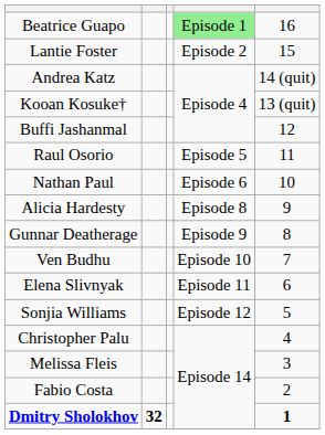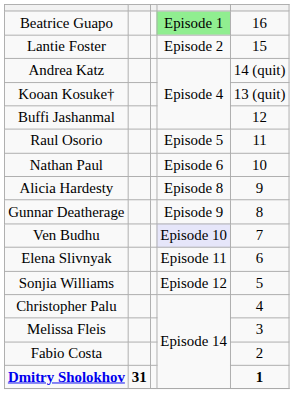 <table class="wikitable sortable" style="text-align:center;">
 <tr>
 <th></th>
 <th></th>
 <th></th>
 <th></th>
 <th></th>
 </tr>
 <tr>
 <td>Beatrice Guapo</td>
 <td></td>
 <td></td>
 <td style="background: lightgreen;">Episode 1</td>
 <td>16</td>
 </tr>
 <tr>
 <td>Lantie Foster</td>
 <td></td>
 <td></td>
 <td>Episode 2</td>
 <td>15</td>
 </tr>
 <tr>
 <td>Andrea Katz</td>
 <td></td>
 <td></td>
 <td rowspan="3">Episode 4</td>
 <td>14 (quit)</td>
 </tr>
 <tr>
 <td>Kooan Kosuke†</td>
 <td></td>
 <td></td>
 <td>13 (quit)</td>
 </tr>
 <tr>
 <td>Buffi Jashanmal</td>
 <td></td>
 <td></td>
 <td>12</td>
 </tr>
 <tr>
 <td>Raul Osorio</td>
 <td></td>
 <td></td>
 <td>Episode 5</td>
 <td>11</td>
 </tr>
 <tr>
 <td>Nathan Paul</td>
 <td></td>
 <td></td>
 <td>Episode 6</td>
 <td>10</td>
 </tr>
 <tr>
 <td>Alicia Hardesty</td>
 <td></td>
 <td></td>
 <td>Episode 8</td>
 <td>9</td>
 </tr>
 <tr>
 <td>Gunnar Deatherage</td>
 <td></td>
 <td></td>
 <td>Episode 9</td>
 <td>8</td>
 </tr>
 <tr>
 <td>Ven Budhu</td>
 <td></td>
 <td></td>
-<td>Episode 10</td>
+<td style="background: lavender;">Episode 10</td>
 <td>7</td>
 </tr>
 <tr>
 <td>Elena Slivnyak</td>
 <td></td>
 <td></td>
 <td>Episode 11</td>
 <td>6</td>
 </tr>
 <tr>
 <td>Sonjia Williams</td>
 <td></td>
 <td></td>
 <td>Episode 12</td>
 <td>5</td>
 </tr>
 <tr>
 <td>Christopher Palu</td>
 <td></td>
 <td></td>
 <td rowspan="4">Episode 14</td>
 <td>4</td>
 </tr>
 <tr>
 <td>Melissa Fleis</td>
 <td></td>
 <td></td>
 <td>3</td>
 </tr>
 <tr>
 <td>Fabio Costa</td>
 <td></td>
 <td></td>
 <td>2</td>
 </tr>
 <tr>
 <td><strong><a href='#'>Dmitry Sholokhov</a></strong></td>
-<td><strong>32</strong></td>
+<td><strong>31</strong></td>
 <td><strong></strong></td>
 <td><strong>1</strong></td>
 </tr>
 <tr>
 </tr>
 </table>
